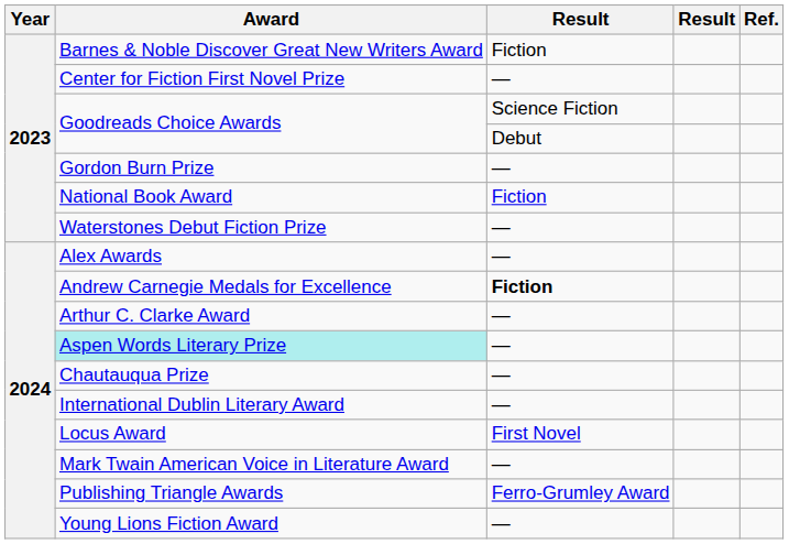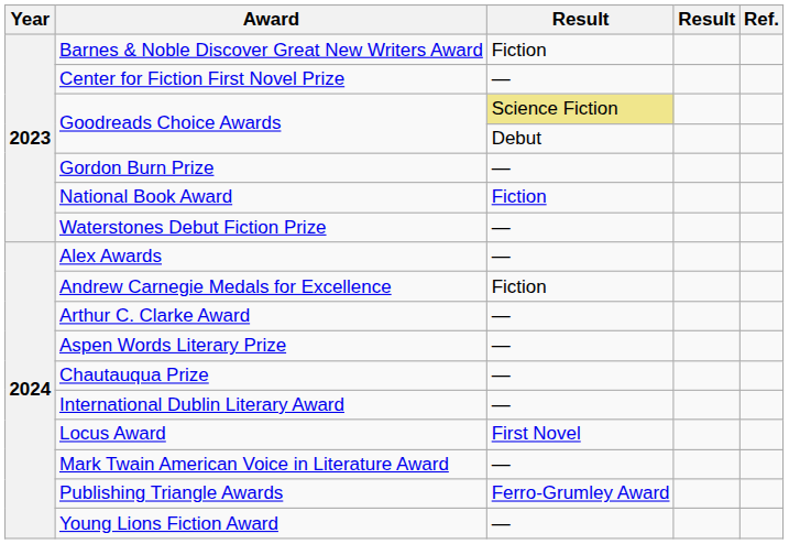 <table class="wikitable sortable">
 <tr>
 <th>Year</th>
 <th>Award</th>
 <th>Result</th>
 <th>Result</th>
 <th>Ref.</th>
 </tr>
 <tr>
 <th rowspan="7">2023</th>
 <td><a href='#'>Barnes & Noble Discover Great New Writers Award</a></td>
 <td>Fiction</td>
 <td></td>
 <td></td>
 </tr>
 <tr>
 <td><a href='#'>Center for Fiction First Novel Prize</a></td>
 <td>—</td>
 <td></td>
 <td></td>
 </tr>
 <tr>
 <td rowspan="2"><a href='#'>Goodreads Choice Awards</a></td>
-<td>Science Fiction</td>
+<td style="background: khaki;">Science Fiction</td>
 <td></td>
 <td></td>
 </tr>
 <tr>
 <td>Debut</td>
 <td></td>
 <td></td>
 </tr>
 <tr>
 <td><a href='#'>Gordon Burn Prize</a></td>
 <td>—</td>
 <td></td>
 <td></td>
 </tr>
 <tr>
 <td><a href='#'>National Book Award</a></td>
 <td><a href='#'>Fiction</a></td>
 <td></td>
 <td></td>
 </tr>
 <tr>
 <td><a href='#'>Waterstones Debut Fiction Prize</a></td>
 <td>—</td>
 <td></td>
 <td></td>
 </tr>
 <tr>
 <th rowspan="10">2024</th>
 <td><a href='#'>Alex Awards</a></td>
 <td>—</td>
 <td></td>
 <td></td>
 </tr>
 <tr>
 <td><a href='#'>Andrew Carnegie Medals for Excellence</a></td>
-<td><strong>Fiction</strong></td>
+<td>Fiction</td>
 <td></td>
 <td></td>
 </tr>
 <tr>
 <td><a href='#'>Arthur C. Clarke Award</a></td>
 <td>—</td>
 <td></td>
 <td></td>
 </tr>
 <tr>
-<td style="background: paleturquoise;"><a href='#'>Aspen Words Literary Prize</a></td>
+<td><a href='#'>Aspen Words Literary Prize</a></td>
 <td>—</td>
 <td></td>
 <td></td>
 </tr>
 <tr>
 <td><a href='#'>Chautauqua Prize</a></td>
 <td>—</td>
 <td></td>
 <td></td>
 </tr>
 <tr>
 <td><a href='#'>International Dublin Literary Award</a></td>
 <td>—</td>
 <td></td>
 <td></td>
 </tr>
 <tr>
 <td><a href='#'>Locus Award</a></td>
 <td><a href='#'>First Novel</a></td>
 <td></td>
 <td></td>
 </tr>
 <tr>
 <td><a href='#'>Mark Twain American Voice in Literature Award</a></td>
 <td>—</td>
 <td></td>
 <td></td>
 </tr>
 <tr>
 <td><a href='#'>Publishing Triangle Awards</a></td>
 <td><a href='#'>Ferro-Grumley Award</a></td>
 <td></td>
 <td></td>
 </tr>
 <tr>
 <td><a href='#'>Young Lions Fiction Award</a></td>
 <td>—</td>
 <td></td>
 <td></td>
 </tr>
 </table>
